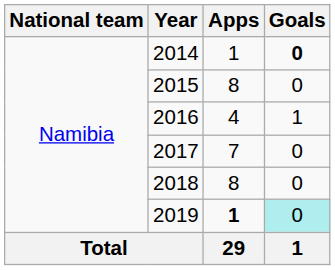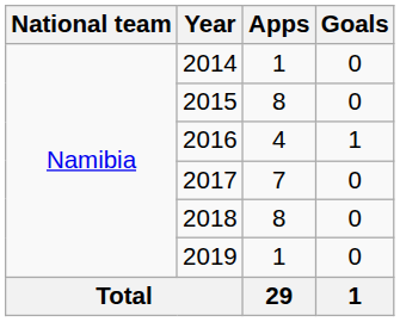 <table class="wikitable" style="text-align: center;">
 <tr>
 <th>National team</th>
 <th>Year</th>
 <th>Apps</th>
 <th>Goals</th>
 </tr>
 <tr>
 <td rowspan="6"><a href='#'>Namibia</a></td>
 <td>2014</td>
 <td>1</td>
-<td><strong>0</strong></td>
+<td>0</td>
 </tr>
 <tr>
 <td>2015</td>
 <td>8</td>
 <td>0</td>
 </tr>
 <tr>
 <td>2016</td>
 <td>4</td>
 <td>1</td>
 </tr>
 <tr>
 <td>2017</td>
 <td>7</td>
 <td>0</td>
 </tr>
 <tr>
 <td>2018</td>
 <td>8</td>
 <td>0</td>
 </tr>
 <tr>
 <td>2019</td>
-<td><strong>1</strong></td>
-<td style="background: paleturquoise;">0</td>
+<td>1</td>
+<td>0</td>
 </tr>
 <tr>
 <th colspan="2">Total</th>
 <th>29</th>
 <th>1</th>
 </tr>
 </table>
